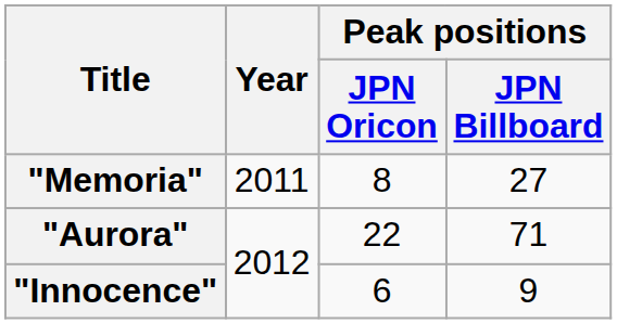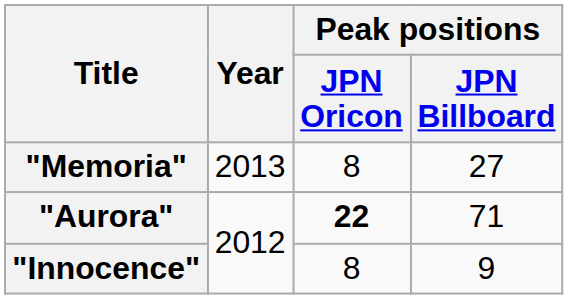 <table class="wikitable plainrowheaders" style="text-align:center;">
 <tr>
 <th scope="col" rowspan="2">Title</th>
 <th scope="col" rowspan="2">Year</th>
 <th scope="col" colspan="2">Peak positions</th>
 </tr>
 <tr>
 <th scope="col" style="width:50px"><a href='#'>JPN<br>Oricon</a></th>
 <th scope="col" style="width:50px"><a href='#'>JPN<br>Billboard</a></th>
 </tr>
 <tr>
 <th scope="row">"Memoria"</th>
-<td rowspan="1">2011</td>
+<td rowspan="1">2013</td>
 <td>8</td>
 <td>27</td>
 </tr>
 <tr>
 <th scope="row">"Aurora"</th>
 <td rowspan="2">2012</td>
-<td>22</td>
+<td><strong>22</strong></td>
 <td>71</td>
 </tr>
 <tr>
 <th scope="row">"Innocence"</th>
-<td>6</td>
+<td>8</td>
 <td>9</td>
 </tr>
 </table>
